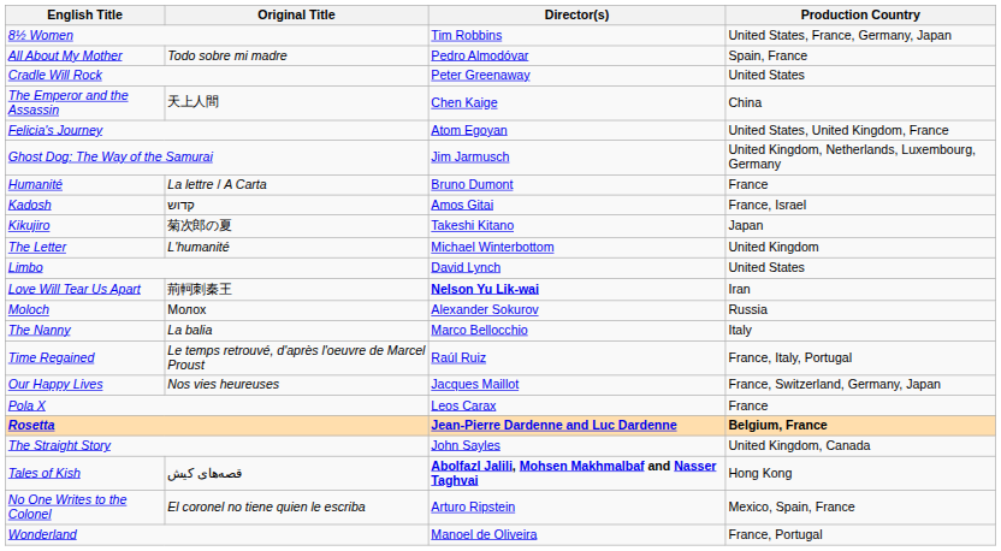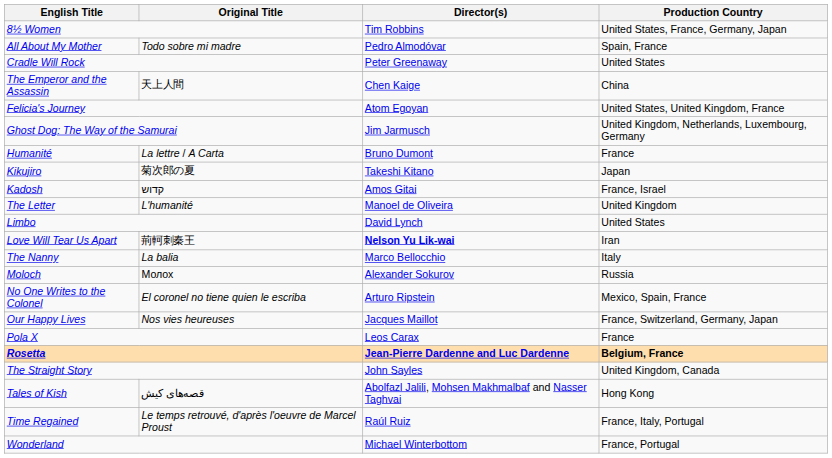 <table class="wikitable">
 <tr>
 <th>English Title</th>
 <th>Original Title</th>
 <th>Director(s)</th>
 <th>Production Country</th>
 </tr>
 <tr>
 <td colspan="2"><em><a href='#'>8½ Women</a></em></td>
 <td><a href='#'>Tim Robbins</a></td>
 <td>United States, France, Germany, Japan</td>
 </tr>
 <tr>
 <td><em><a href='#'>All About My Mother</a></em></td>
 <td><em>Todo sobre mi madre</em></td>
 <td><a href='#'>Pedro Almodóvar</a></td>
 <td>Spain, France</td>
 </tr>
 <tr>
 <td colspan="2"><em><a href='#'>Cradle Will Rock</a></em></td>
 <td><a href='#'>Peter Greenaway</a></td>
 <td>United States</td>
 </tr>
 <tr>
 <td><em><a href='#'>The Emperor and the Assassin</a></em></td>
 <td>天上人間</td>
 <td><a href='#'>Chen Kaige</a></td>
 <td>China</td>
 </tr>
 <tr>
 <td colspan="2"><em><a href='#'>Felicia's Journey</a></em></td>
 <td><a href='#'>Atom Egoyan</a></td>
 <td>United States, United Kingdom, France</td>
 </tr>
 <tr>
 <td colspan="2"><em><a href='#'>Ghost Dog: The Way of the Samurai</a></em></td>
 <td><a href='#'>Jim Jarmusch</a></td>
 <td>United Kingdom, Netherlands, Luxembourg, Germany</td>
 </tr>
 <tr>
 <td><em><a href='#'>Humanité</a></em></td>
 <td><em>La lettre</em> / <em>A Carta</em></td>
 <td><a href='#'>Bruno Dumont</a></td>
 <td>France</td>
 </tr>
 <tr>
+<td><em><a href='#'>Kikujiro</a></em></td>
+<td>菊次郎の夏</td>
+<td><a href='#'>Takeshi Kitano</a></td>
+<td>Japan</td>
+</tr>
+<tr>
 <td><em><a href='#'>Kadosh</a></em></td>
 <td>קדוש</td>
 <td><a href='#'>Amos Gitai</a></td>
 <td>France, Israel</td>
 </tr>
 <tr>
-<td><em><a href='#'>Kikujiro</a></em></td>
-<td>菊次郎の夏</td>
-<td><a href='#'>Takeshi Kitano</a></td>
-<td>Japan</td>
-</tr>
-<tr>
 <td><em><a href='#'>The Letter</a></em></td>
 <td><em>L'humanité</em></td>
-<td><a href='#'>Michael Winterbottom</a></td>
+<td><a href='#'>Manoel de Oliveira</a></td>
 <td>United Kingdom</td>
 </tr>
 <tr>
 <td colspan="2"><em><a href='#'>Limbo</a></em></td>
 <td><a href='#'>David Lynch</a></td>
 <td>United States</td>
 </tr>
 <tr>
 <td><em><a href='#'>Love Will Tear Us Apart</a></em></td>
 <td>荊軻刺秦王</td>
 <td><strong><a href='#'>Nelson Yu Lik-wai</a></strong></td>
 <td>Iran</td>
 </tr>
 <tr>
+<td><em><a href='#'>The Nanny</a></em></td>
+<td><em>La balia</em></td>
+<td><a href='#'>Marco Bellocchio</a></td>
+<td>Italy</td>
+</tr>
+<tr>
 <td><em><a href='#'>Moloch</a></em></td>
 <td>Молох</td>
 <td><a href='#'>Alexander Sokurov</a></td>
 <td>Russia</td>
 </tr>
 <tr>
-<td><em><a href='#'>The Nanny</a></em></td>
-<td><em>La balia</em></td>
-<td><a href='#'>Marco Bellocchio</a></td>
-<td>Italy</td>
-</tr>
-<tr>
-<td><em><a href='#'>Time Regained</a></em></td>
-<td><em>Le temps retrouvé, d'après l'oeuvre de Marcel Proust</em></td>
-<td><a href='#'>Raúl Ruiz</a></td>
-<td>France, Italy, Portugal</td>
+<td><em><a href='#'>No One Writes to the Colonel</a></em></td>
+<td><em>El coronel no tiene quien le escriba</em></td>
+<td><a href='#'>Arturo Ripstein</a></td>
+<td>Mexico, Spain, France</td>
 </tr>
 <tr>
 <td><em><a href='#'>Our Happy Lives</a></em></td>
 <td><em>Nos vies heureuses</em></td>
 <td><a href='#'>Jacques Maillot</a></td>
 <td>France, Switzerland, Germany, Japan</td>
 </tr>
 <tr>
 <td colspan="2"><em><a href='#'>Pola X</a></em></td>
 <td><a href='#'>Leos Carax</a></td>
 <td>France</td>
 </tr>
 <tr style="background:#FFDEAD;">
 <td colspan="2"><em><a href='#'><strong>Rosetta</strong></a></em></td>
 <td><a href='#'><strong>Jean-Pierre Dardenne and Luc Dardenne</strong></a></td>
 <td><strong>Belgium, France</strong></td>
 </tr>
 <tr>
 <td colspan="2"><em><a href='#'>The Straight Story</a></em></td>
 <td><a href='#'>John Sayles</a></td>
 <td>United Kingdom, Canada</td>
 </tr>
 <tr>
 <td><em><a href='#'>Tales of Kish</a></em></td>
 <td>قصه‌های کیش</td>
-<td><strong><a href='#'>Abolfazl Jalili</a>, <a href='#'>Mohsen Makhmalbaf</a> and <a href='#'>Nasser Taghvai</a></strong></td>
+<td><a href='#'>Abolfazl Jalili</a>, <a href='#'>Mohsen Makhmalbaf</a> and <a href='#'>Nasser Taghvai</a></td>
 <td>Hong Kong</td>
 </tr>
 <tr>
-<td><em><a href='#'>No One Writes to the Colonel</a></em></td>
-<td><em>El coronel no tiene quien le escriba</em></td>
-<td><a href='#'>Arturo Ripstein</a></td>
-<td>Mexico, Spain, France</td>
+<td><em><a href='#'>Time Regained</a></em></td>
+<td><em>Le temps retrouvé, d'après l'oeuvre de Marcel Proust</em></td>
+<td><a href='#'>Raúl Ruiz</a></td>
+<td>France, Italy, Portugal</td>
 </tr>
 <tr>
 <td colspan="2"><em><a href='#'>Wonderland</a></em></td>
-<td><a href='#'>Manoel de Oliveira</a></td>
+<td><a href='#'>Michael Winterbottom</a></td>
 <td>France, Portugal</td>
 </tr>
 </table>
